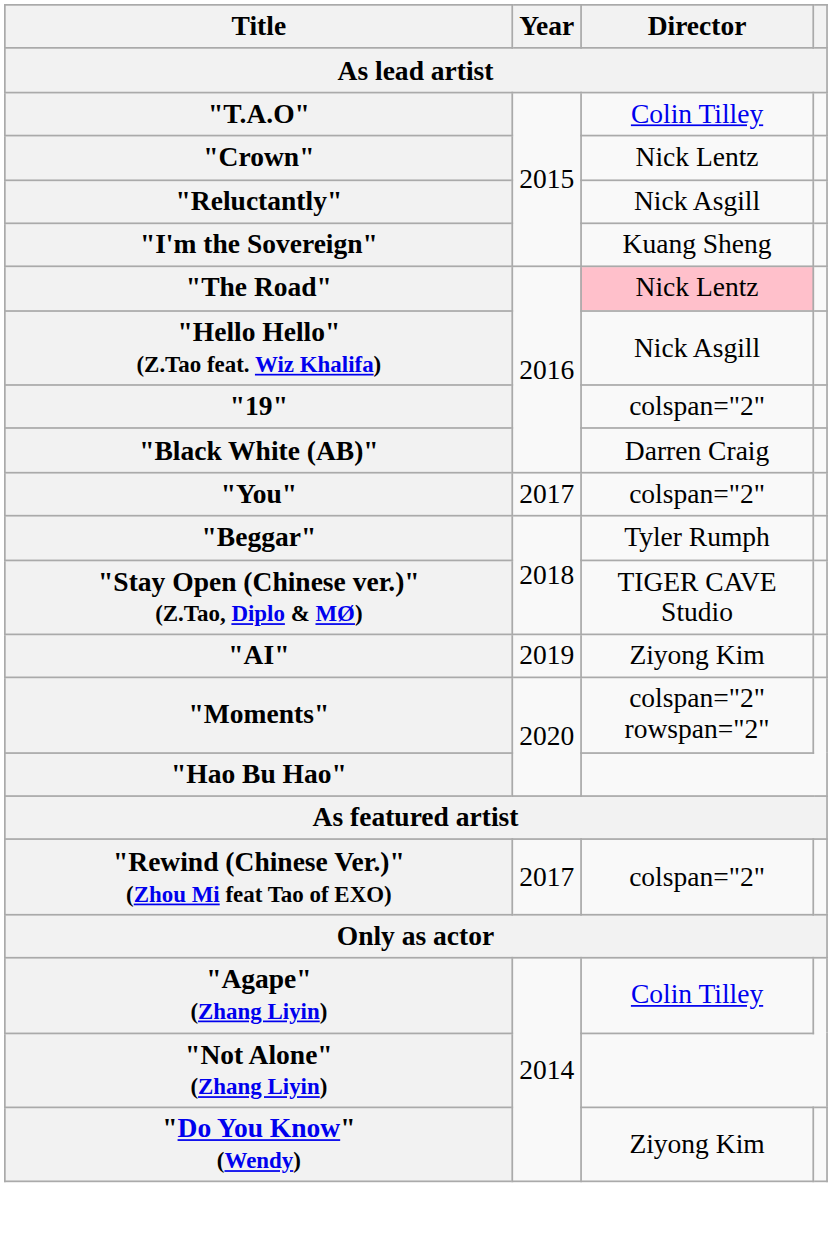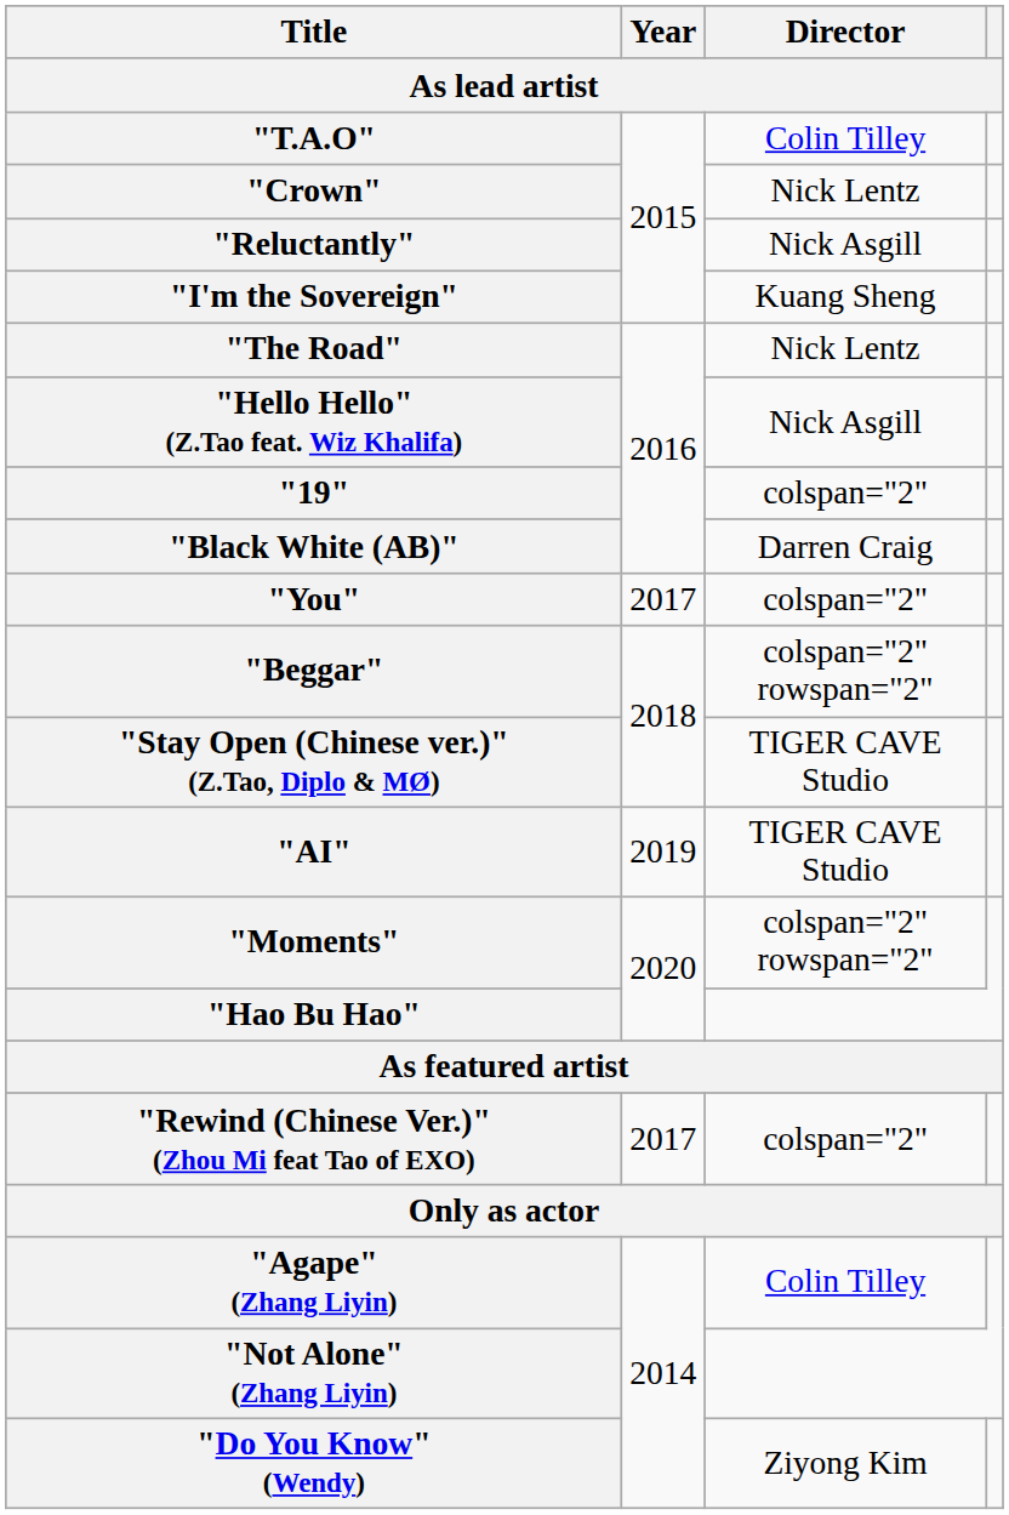 <table class="wikitable plainrowheaders" style="text-align:center;">
 <tr>
 <th scope="col" style="width:18em;">Title</th>
 <th scope="col" style="width:1em;">Year</th>
 <th scope="col" style="width:8em;">Director</th>
 <th scope="col"></th>
 </tr>
 <tr>
 <th scope="col" colspan="4">As lead artist</th>
 </tr>
 <tr>
 <th scope="row">"T.A.O"</th>
 <td rowspan="4">2015</td>
 <td><a href='#'>Colin Tilley</a></td>
 <td style="text-align:center;"></td>
 </tr>
 <tr>
 <th scope="row">"Crown" </th>
 <td>Nick Lentz</td>
 <td style="text-align:center;"></td>
 </tr>
 <tr>
 <th scope="row">"Reluctantly" </th>
 <td>Nick Asgill</td>
 <td style="text-align:center;"></td>
 </tr>
 <tr>
 <th scope="row">"I'm the Sovereign" </th>
 <td>Kuang Sheng</td>
 <td style="text-align:center;"></td>
 </tr>
 <tr>
 <th scope="row">"The Road"</th>
 <td rowspan="4">2016</td>
-<td style="background: pink;">Nick Lentz</td>
+<td>Nick Lentz</td>
 <td style="text-align:center;"></td>
 </tr>
 <tr>
 <th scope="row">"Hello Hello"<br><small>(Z.Tao feat. <a href='#'>Wiz Khalifa</a>)</small></th>
 <td>Nick Asgill</td>
 <td style="text-align:center;"></td>
 </tr>
 <tr>
 <th scope="row">"19" </th>
 <td>colspan="2" </td>
 </tr>
 <tr>
 <th scope="row">"Black White (AB)"</th>
 <td>Darren Craig</td>
 <td style="text-align:center;"></td>
 </tr>
 <tr>
 <th scope="row">"You" </th>
 <td>2017</td>
 <td>colspan="2" </td>
 </tr>
 <tr>
 <th scope="row">"Beggar"</th>
 <td rowspan="2">2018</td>
-<td>Tyler Rumph</td>
+<td>colspan="2" rowspan="2" </td>
 <td style="text-align:center;"></td>
 </tr>
 <tr>
 <th scope="row">"Stay Open (Chinese ver.)"<br><small>(Z.Tao, <a href='#'>Diplo</a> & <a href='#'>MØ</a>)</small></th>
 <td>TIGER CAVE Studio</td>
 <td style="text-align:center;"></td>
 </tr>
 <tr>
 <th scope="row">"AI"</th>
 <td>2019</td>
-<td>Ziyong Kim</td>
+<td>TIGER CAVE Studio</td>
 <td style="text-align:center;"></td>
 </tr>
 <tr>
 <th scope="row">"Moments" </th>
 <td rowspan="2">2020</td>
 <td>colspan="2" rowspan="2" </td>
 </tr>
 <tr>
 <th scope="row">"Hao Bu Hao" </th>
 </tr>
 <tr>
 <th scope="col" colspan="4">As featured artist</th>
 </tr>
 <tr>
 <th scope="row">"Rewind (Chinese Ver.)" <br><small>(<a href='#'>Zhou Mi</a> feat Tao of EXO)</small></th>
 <td>2017</td>
 <td>colspan="2" </td>
 </tr>
 <tr>
 <th scope="col" colspan="4">Only as actor</th>
 </tr>
 <tr>
 <th scope="row">"Agape" <br><small>(<a href='#'>Zhang Liyin</a>)</small></th>
 <td rowspan="3">2014</td>
 <td><a href='#'>Colin Tilley</a></td>
 </tr>
 <tr>
 <th scope="row">"Not Alone" <br><small>(<a href='#'>Zhang Liyin</a>)</small></th>
 </tr>
 <tr>
 <th scope="row">"<a href='#'>Do You Know</a>" <br><small>(<a href='#'>Wendy</a>)</small></th>
 <td>Ziyong Kim</td>
 <td style="text-align:center;"></td>
 </tr>
 </table>
